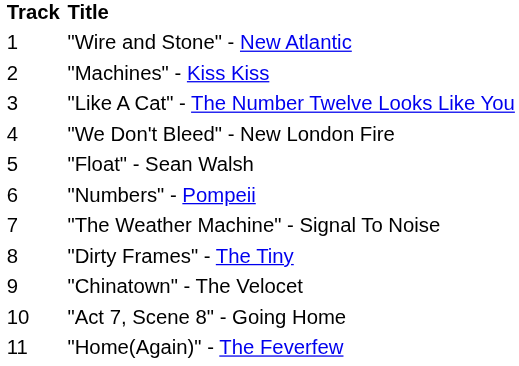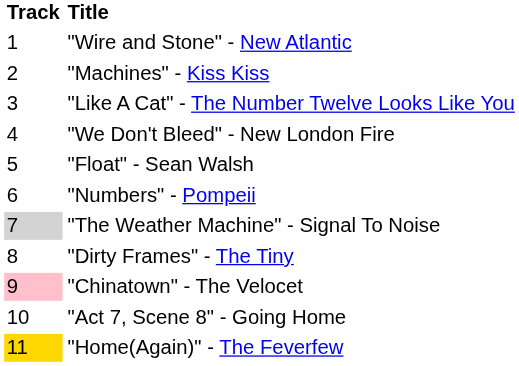 <table cellpadding="2" style="margin: 0 2em;">
 <tr>
 <th>Track</th>
 <th align="left">Title</th>
 </tr>
 <tr>
 <td>1</td>
 <td>"Wire and Stone" - <a href='#'>New Atlantic</a></td>
 </tr>
 <tr>
 <td>2</td>
 <td>"Machines" - <a href='#'>Kiss Kiss</a></td>
 </tr>
 <tr>
 <td>3</td>
 <td>"Like A Cat" - <a href='#'>The Number Twelve Looks Like You</a></td>
 </tr>
 <tr>
 <td>4</td>
 <td>"We Don't Bleed" - New London Fire</td>
 </tr>
 <tr>
 <td>5</td>
 <td>"Float" - Sean Walsh</td>
 </tr>
 <tr>
 <td>6</td>
 <td>"Numbers" - <a href='#'>Pompeii</a></td>
 </tr>
 <tr>
-<td>7</td>
+<td style="background: lightgrey;">7</td>
 <td>"The Weather Machine" - Signal To Noise</td>
 </tr>
 <tr>
 <td>8</td>
 <td>"Dirty Frames" - <a href='#'>The Tiny</a></td>
 </tr>
 <tr>
-<td>9</td>
+<td style="background: pink;">9</td>
 <td>"Chinatown" - The Velocet</td>
 </tr>
 <tr>
 <td>10</td>
 <td>"Act 7, Scene 8" - Going Home</td>
 </tr>
 <tr>
-<td>11</td>
+<td style="background: gold;">11</td>
 <td>"Home(Again)" - <a href='#'>The Feverfew</a></td>
 </tr>
 </table>
